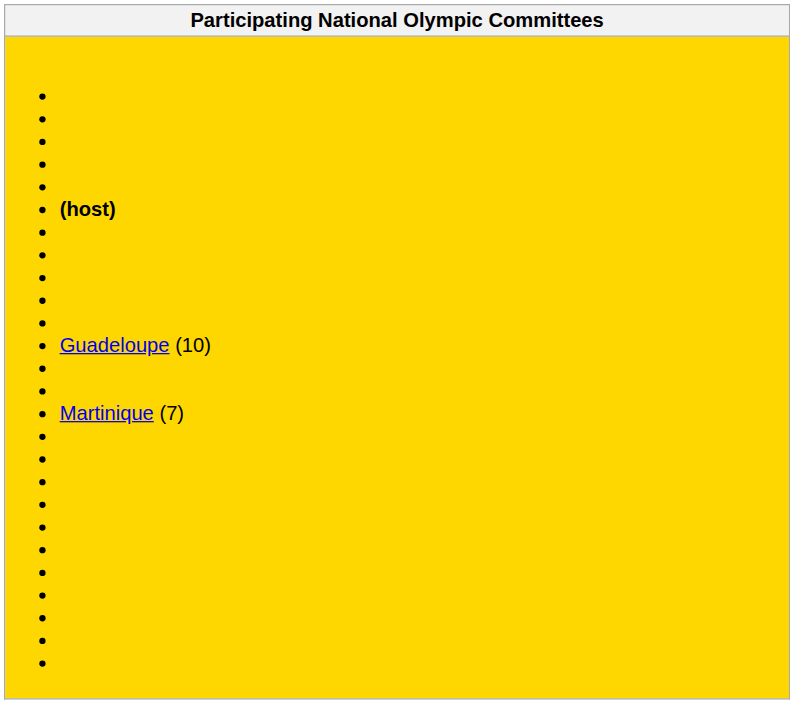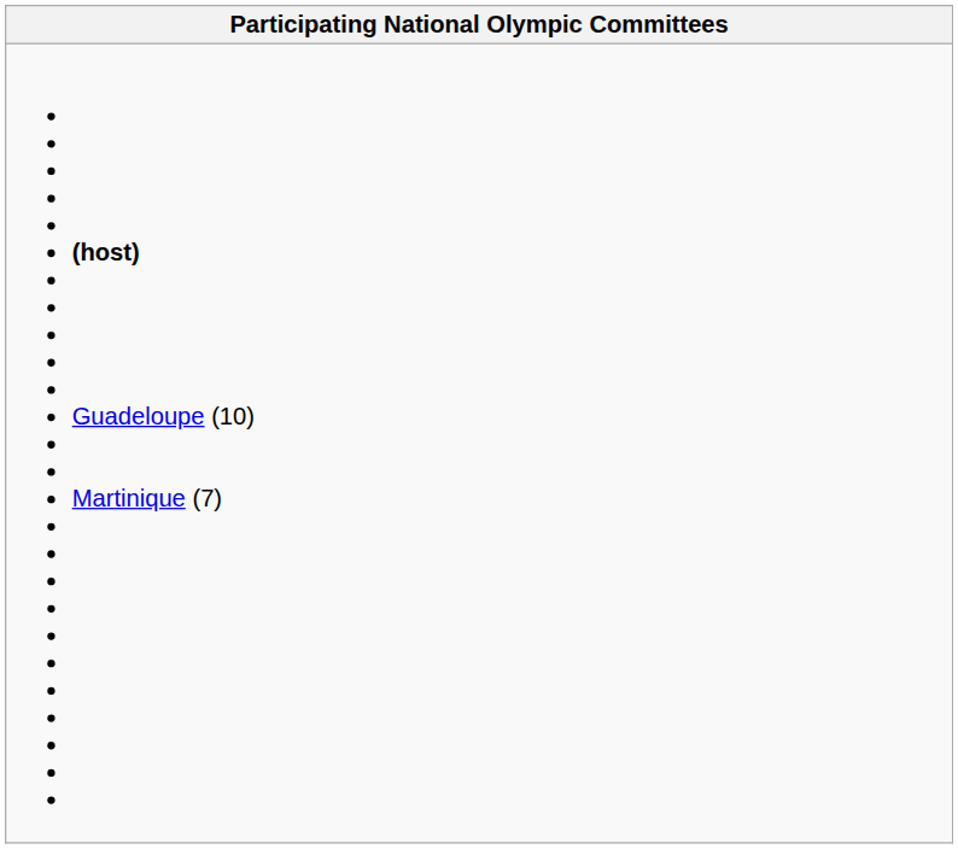 <table class="wikitable collapsible" style="width:100%;">
 <tr>
 <th>Participating National Olympic Committees</th>
 </tr>
 <tr>
-<td style="background: gold;"><br><ul><li></li><li></li><li></li><li></li><li></li><li> <strong>(host)</strong></li><li></li><li></li><li></li><li></li><li></li><li> <a href='#'>Guadeloupe</a>  <span>(10)</span></li><li></li><li></li><li> <a href='#'>Martinique</a>  <span>(7)</span></li><li></li><li></li><li></li><li></li><li></li><li></li><li></li><li></li><li></li><li></li><li></li></ul></td>
+<td><br><ul><li></li><li></li><li></li><li></li><li></li><li> <strong>(host)</strong></li><li></li><li></li><li></li><li></li><li></li><li> <a href='#'>Guadeloupe</a>  <span>(10)</span></li><li></li><li></li><li> <a href='#'>Martinique</a>  <span>(7)</span></li><li></li><li></li><li></li><li></li><li></li><li></li><li></li><li></li><li></li><li></li><li></li></ul></td>
 </tr>
 </table>
